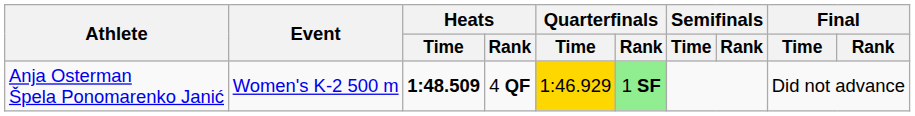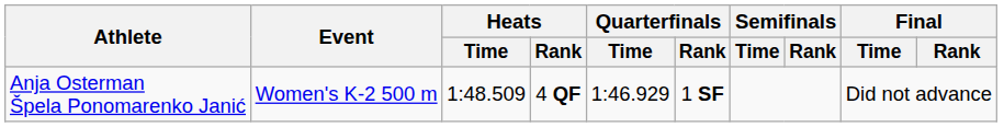 <table class=wikitable style="font-size:90%">
 <tr>
 <th rowspan="2">Athlete</th>
 <th rowspan="2">Event</th>
 <th colspan=2>Heats</th>
 <th colspan=2>Quarterfinals</th>
 <th colspan=2>Semifinals</th>
 <th colspan=2>Final</th>
 </tr>
 <tr style="font-size:95%">
 <th>Time</th>
 <th>Rank</th>
 <th>Time</th>
 <th>Rank</th>
 <th>Time</th>
 <th>Rank</th>
 <th>Time</th>
 <th>Rank</th>
 </tr>
 <tr align=center>
 <td align=left><a href='#'>Anja Osterman</a><br><a href='#'>Špela Ponomarenko Janić</a></td>
 <td align=left><a href='#'>Women's K-2 500 m</a></td>
-<td><strong>1:48.509</strong></td>
+<td>1:48.509</td>
 <td>4 <strong>QF</strong></td>
-<td style="background: gold;">1:46.929</td>
-<td style="background: lightgreen;">1 <strong>SF</strong></td>
+<td>1:46.929</td>
+<td>1 <strong>SF</strong></td>
 <td colspan=2></td>
 <td colspan=2>Did not advance</td>
 </tr>
 </table>
